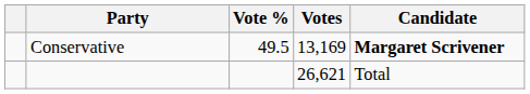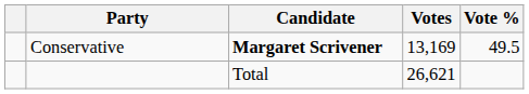 <table class="wikitable">
 <tr>
 <th></th>
 <th scope="col" width="175">Party</th>
+<th scope="col" width="150">Candidate</th>
+<th>Votes</th>
 <th>Vote %</th>
-<th>Votes</th>
-<th scope="col" width="150">Candidate</th>
 </tr>
 <tr>
 <td>   </td>
 <td>Conservative</td>
+<td><strong>Margaret Scrivener</strong></td>
+<td align=right>13,169</td>
 <td align=right>49.5<br>  </td>
-<td align=right>13,169</td>
-<td><strong>Margaret Scrivener</strong></td>
 </tr>
 <tr |>
 <td></td>
 <td></td>
+<td>Total</td>
+<td align=right>26,621</td>
 <td></td>
-<td align=right>26,621</td>
-<td>Total</td>
 </tr>
 </table>
